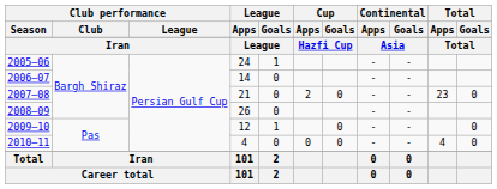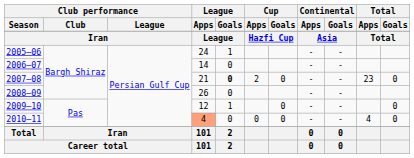 <table class="wikitable" style="text-align:center">
 <tr>
 <th colspan=3>Club performance</th>
 <th colspan=2>League</th>
 <th colspan=2>Cup</th>
 <th colspan=2>Continental</th>
 <th colspan=2>Total</th>
 </tr>
 <tr>
 <th>Season</th>
 <th>Club</th>
 <th>League</th>
 <th>Apps</th>
 <th>Goals</th>
 <th>Apps</th>
 <th>Goals</th>
 <th>Apps</th>
 <th>Goals</th>
 <th>Apps</th>
 <th>Goals</th>
 </tr>
 <tr>
 </tr>
 <tr>
 <th colspan=3>Iran</th>
 <th colspan=2>League</th>
 <th colspan=2><a href='#'>Hazfi Cup</a></th>
 <th colspan=2><a href='#'>Asia</a></th>
 <th colspan=2>Total</th>
 </tr>
 <tr>
 <td><a href='#'>2005–06</a></td>
 <td rowspan="4"><a href='#'>Bargh Shiraz</a></td>
 <td rowspan="6"><a href='#'>Persian Gulf Cup</a></td>
 <td>24</td>
 <td>1</td>
 <td></td>
 <td></td>
 <td>-</td>
 <td>-</td>
 <td></td>
 <td></td>
 </tr>
 <tr>
 <td><a href='#'>2006–07</a></td>
 <td>14</td>
 <td>0</td>
 <td></td>
 <td></td>
 <td>-</td>
 <td>-</td>
 <td></td>
 <td></td>
 </tr>
 <tr>
 <td><a href='#'>2007–08</a></td>
 <td>21</td>
-<td>0</td>
+<td><strong>0</strong></td>
 <td>2</td>
 <td>0</td>
 <td>-</td>
 <td>-</td>
 <td>23</td>
 <td>0</td>
 </tr>
 <tr>
 <td><a href='#'>2008–09</a></td>
 <td>26</td>
 <td>0</td>
 <td></td>
 <td></td>
 <td>-</td>
 <td>-</td>
 <td></td>
 <td></td>
 </tr>
 <tr>
 <td><a href='#'>2009–10</a></td>
 <td rowspan="2"><a href='#'>Pas</a></td>
 <td>12</td>
 <td>1</td>
 <td></td>
 <td>0</td>
 <td>-</td>
 <td>-</td>
 <td></td>
 <td>0</td>
 </tr>
 <tr>
 <td><a href='#'>2010–11</a></td>
-<td>4</td>
+<td style="background: lightsalmon;">4</td>
 <td>0</td>
 <td>0</td>
 <td>0</td>
 <td>-</td>
 <td>-</td>
 <td>4</td>
 <td>0</td>
 </tr>
 <tr>
 </tr>
 <tr>
 <th rowspan=1>Total</th>
 <th colspan=2>Iran</th>
 <th>101</th>
 <th>2</th>
 <th></th>
 <th></th>
 <th>0</th>
 <th>0</th>
 <th></th>
 <th></th>
 </tr>
 <tr>
 <th colspan=3>Career total</th>
 <th>101</th>
 <th>2</th>
 <th></th>
 <th></th>
 <th>0</th>
 <th>0</th>
 <th></th>
 <th></th>
 </tr>
 </table>
